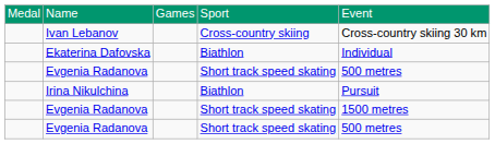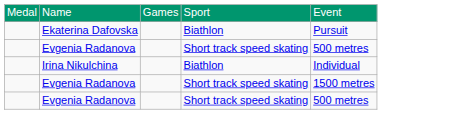 <table class="wikitable sortable">
 <tr style="color:white">
 <td style="background:#00966E;">Medal</td>
 <td style="background:#00966E;"> Name</td>
 <td style="background:#00966E;">Games</td>
 <td style="background:#00966E;">Sport</td>
 <td style="background:#00966E;">Event</td>
 </tr>
 <tr>
 <td></td>
-<td><a href='#'>Ivan Lebanov</a></td>
-<td></td>
-<td> <a href='#'>Cross-country skiing</a></td>
-<td>Cross-country skiing 30 km</td>
-</tr>
-<tr>
-<td></td>
 <td><a href='#'>Ekaterina Dafovska</a></td>
 <td></td>
 <td> <a href='#'>Biathlon</a></td>
-<td><a href='#'>Individual</a></td>
+<td><a href='#'>Pursuit</a></td>
 </tr>
 <tr>
 <td></td>
 <td><a href='#'>Evgenia Radanova</a></td>
 <td></td>
 <td> <a href='#'>Short track speed skating</a></td>
 <td><a href='#'>500 metres</a></td>
 </tr>
 <tr>
 <td></td>
 <td><a href='#'>Irina Nikulchina</a></td>
 <td></td>
 <td> <a href='#'>Biathlon</a></td>
-<td><a href='#'>Pursuit</a></td>
+<td><a href='#'>Individual</a></td>
 </tr>
 <tr>
 <td></td>
 <td><a href='#'>Evgenia Radanova</a></td>
 <td></td>
 <td> <a href='#'>Short track speed skating</a></td>
 <td><a href='#'>1500 metres</a></td>
 </tr>
 <tr>
 <td></td>
 <td><a href='#'>Evgenia Radanova</a></td>
 <td></td>
 <td> <a href='#'>Short track speed skating</a></td>
 <td><a href='#'>500 metres</a></td>
 </tr>
 </table>
